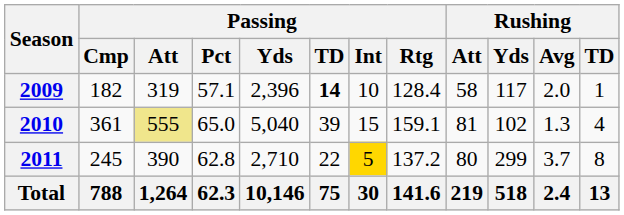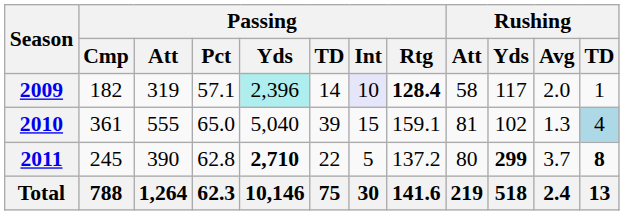 <table class=wikitable style="text-align:center;">
 <tr>
 <th rowspan="2">Season</th>
 <th colspan="7">Passing</th>
 <th colspan="4">Rushing</th>
 </tr>
 <tr>
 <th>Cmp</th>
 <th>Att</th>
 <th>Pct</th>
 <th>Yds</th>
 <th>TD</th>
 <th>Int</th>
 <th>Rtg</th>
 <th>Att</th>
 <th>Yds</th>
 <th>Avg</th>
 <th>TD</th>
 </tr>
 <tr>
 <th><a href='#'>2009</a></th>
 <td>182</td>
 <td>319</td>
 <td>57.1</td>
-<td>2,396</td>
-<td><strong>14</strong></td>
-<td>10</td>
-<td>128.4</td>
+<td style="background: paleturquoise;">2,396</td>
+<td>14</td>
+<td style="background: lavender;">10</td>
+<td><strong>128.4</strong></td>
 <td>58</td>
 <td>117</td>
 <td>2.0</td>
 <td>1</td>
 </tr>
 <tr>
 <th><a href='#'>2010</a></th>
 <td>361</td>
-<td style="background: khaki;">555</td>
+<td>555</td>
 <td>65.0</td>
 <td>5,040</td>
 <td>39</td>
 <td>15</td>
 <td>159.1</td>
 <td>81</td>
 <td>102</td>
 <td>1.3</td>
-<td>4</td>
+<td style="background: lightblue;">4</td>
 </tr>
 <tr>
 <th><a href='#'>2011</a></th>
 <td>245</td>
 <td>390</td>
 <td>62.8</td>
-<td>2,710</td>
+<td><strong>2,710</strong></td>
 <td>22</td>
-<td style="background: gold;">5</td>
+<td>5</td>
 <td>137.2</td>
 <td>80</td>
-<td>299</td>
+<td><strong>299</strong></td>
 <td>3.7</td>
-<td>8</td>
+<td><strong>8</strong></td>
 </tr>
 <tr>
 <th>Total</th>
 <th>788</th>
 <th>1,264</th>
 <th>62.3</th>
 <th>10,146</th>
 <th>75</th>
 <th>30</th>
 <th>141.6</th>
 <th>219</th>
 <th>518</th>
 <th>2.4</th>
 <th>13</th>
 </tr>
 </table>
